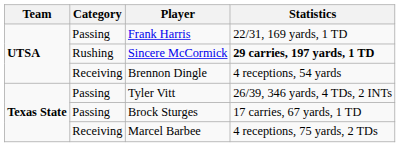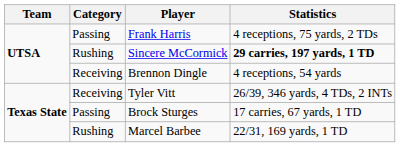 <table class="wikitable" style="float: left;">
 <tr>
 <th>Team</th>
 <th>Category</th>
 <th>Player</th>
 <th>Statistics</th>
 </tr>
 <tr>
 <td rowspan=3><strong>UTSA</strong></td>
 <td>Passing</td>
 <td><a href='#'>Frank Harris</a></td>
-<td>22/31, 169 yards, 1 TD</td>
+<td>4 receptions, 75 yards, 2 TDs</td>
 </tr>
 <tr>
 <td>Rushing</td>
 <td><a href='#'>Sincere McCormick</a></td>
 <td><strong>29 carries, 197 yards, 1 TD</strong></td>
 </tr>
 <tr>
 <td>Receiving</td>
 <td>Brennon Dingle</td>
 <td>4 receptions, 54 yards</td>
 </tr>
 <tr>
 <td rowspan=3><strong>Texas State</strong></td>
-<td>Passing</td>
+<td>Receiving</td>
 <td>Tyler Vitt</td>
 <td>26/39, 346 yards, 4 TDs, 2 INTs</td>
 </tr>
 <tr>
 <td>Passing</td>
 <td>Brock Sturges</td>
 <td>17 carries, 67 yards, 1 TD</td>
 </tr>
 <tr>
-<td>Receiving</td>
+<td>Rushing</td>
 <td>Marcel Barbee</td>
-<td>4 receptions, 75 yards, 2 TDs</td>
+<td>22/31, 169 yards, 1 TD</td>
 </tr>
 </table>
